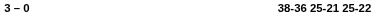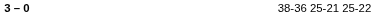 <table width=100% cellspacing=1>
 <tr>
 <th width=20%></th>
 <th width=12%></th>
 <th width=20%></th>
 <th width=33%></th>
 <td></td>
 </tr>
 <tr style=font-size:90%>
 <td align=right><strong></strong></td>
 <td align=center><strong>3 – 0</strong></td>
 <td></td>
-<td><strong>38-36 25-21 25-22</strong></td>
+<td>38-36 25-21 25-22</td>
 </tr>
 </table>
